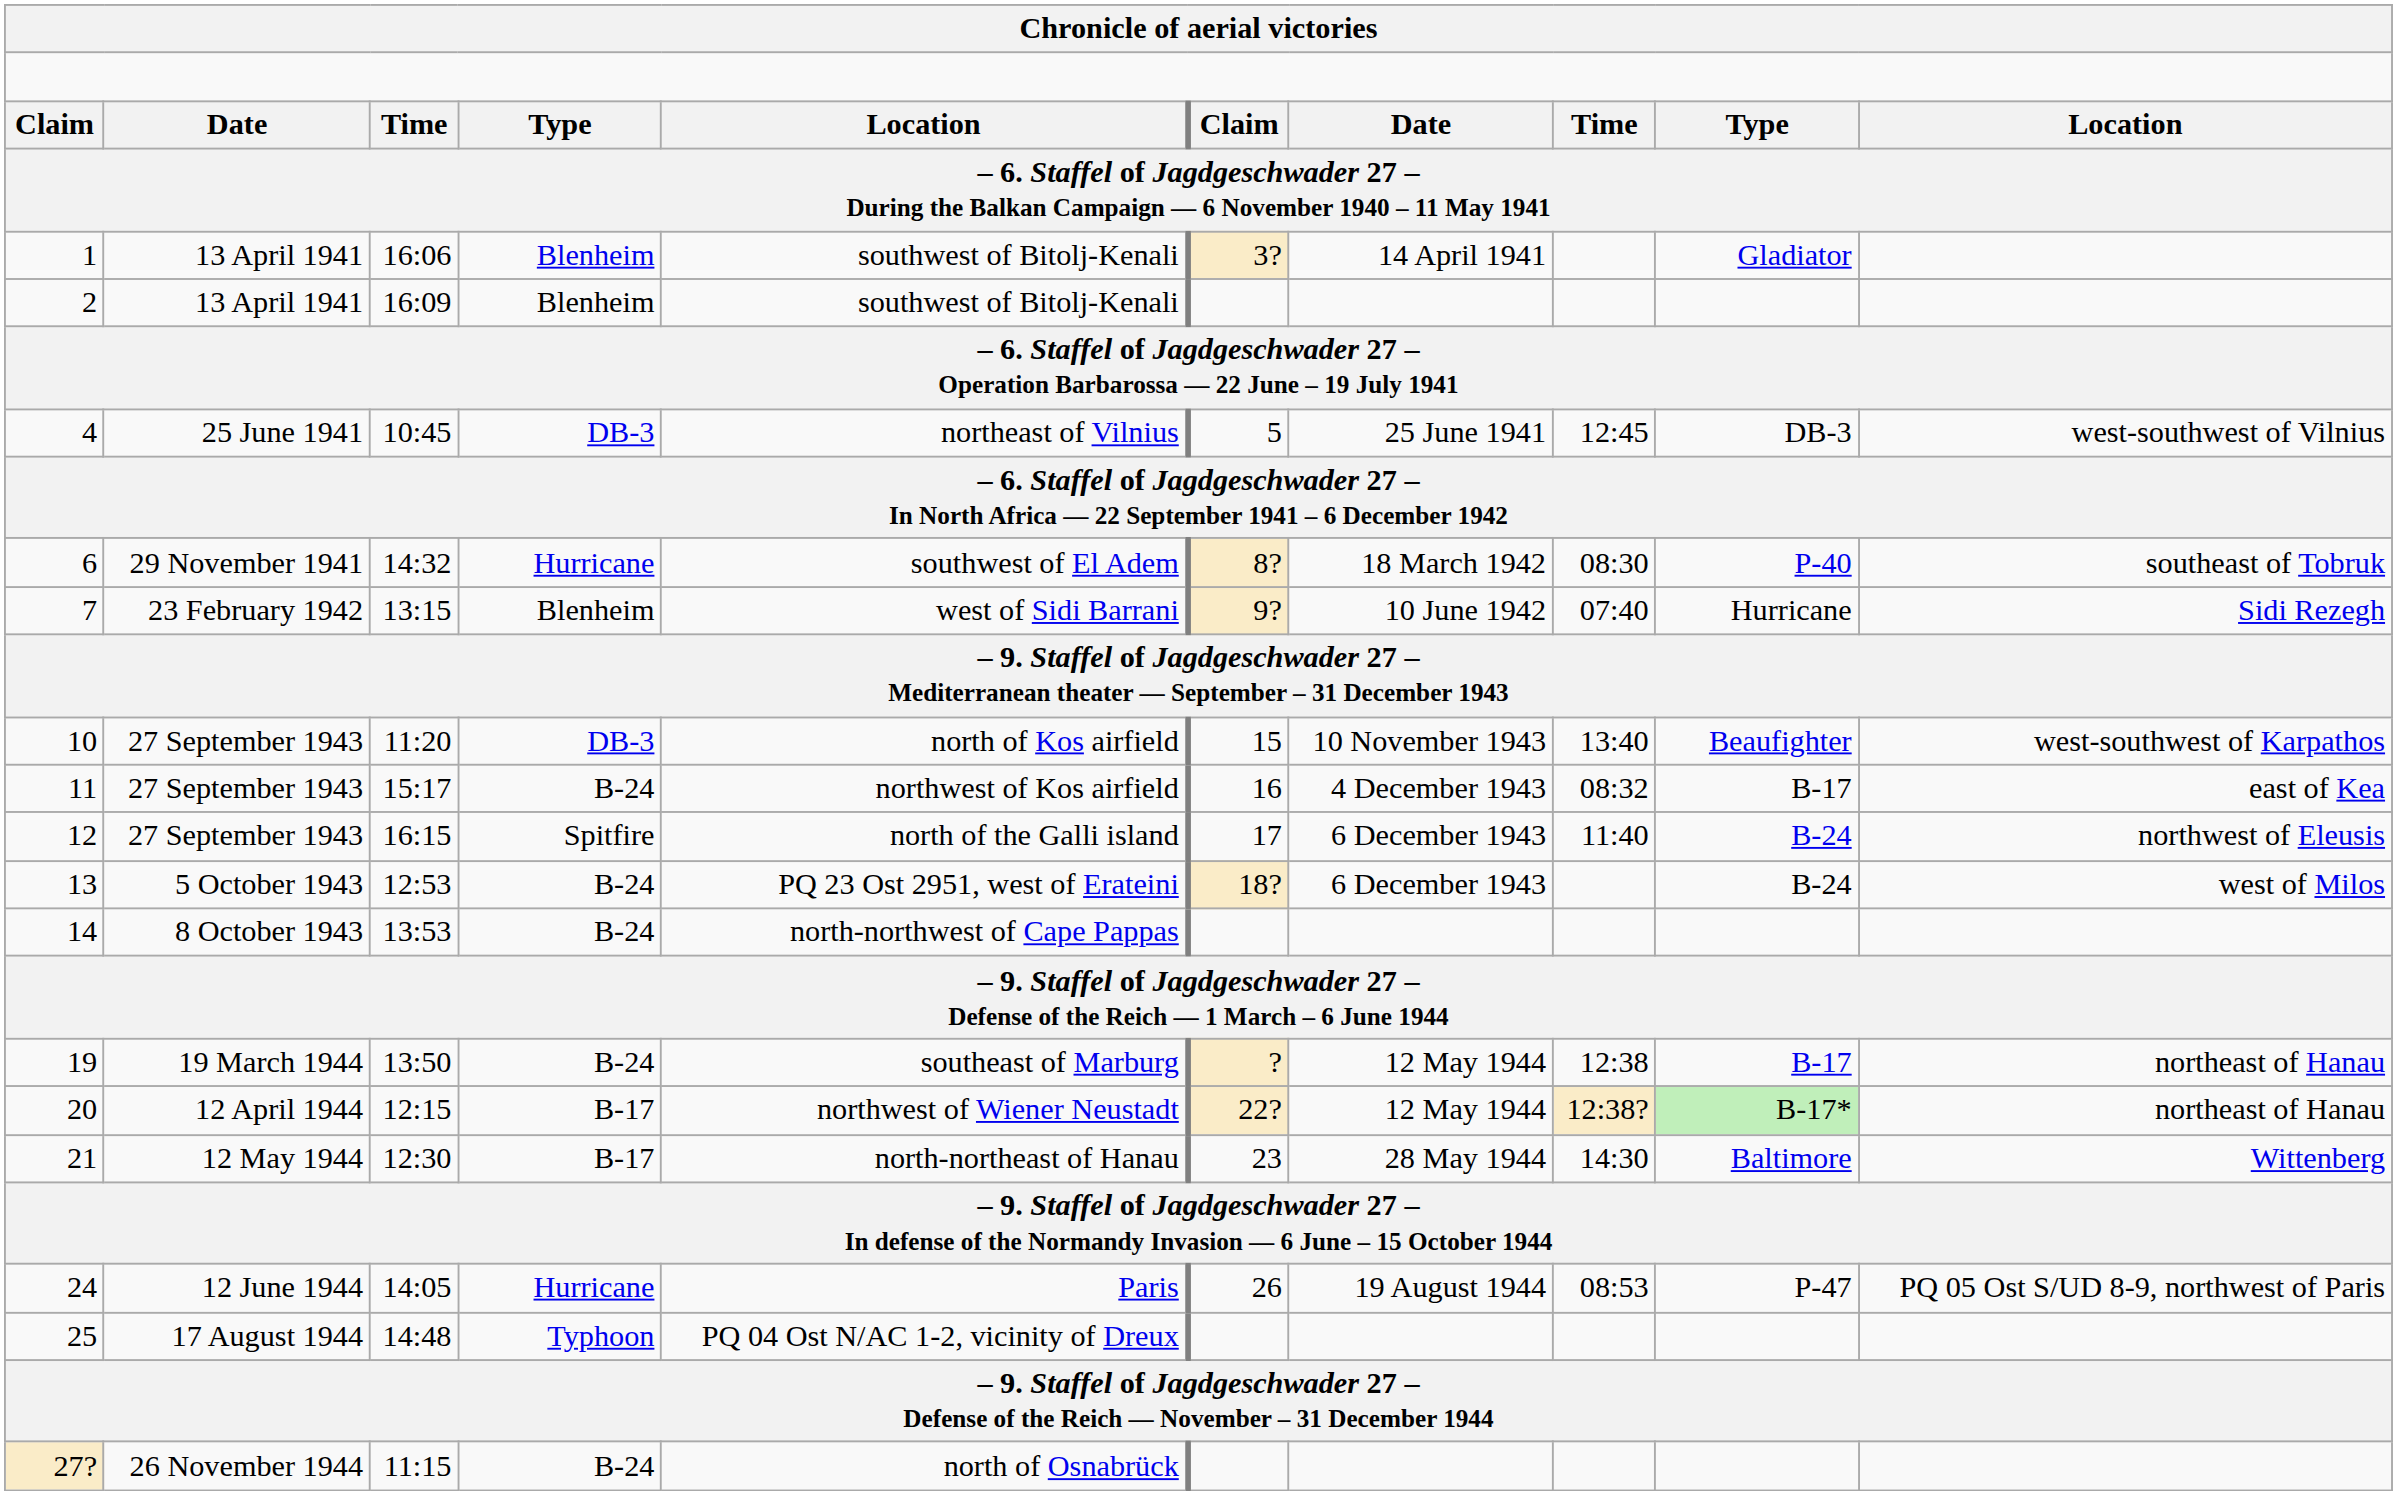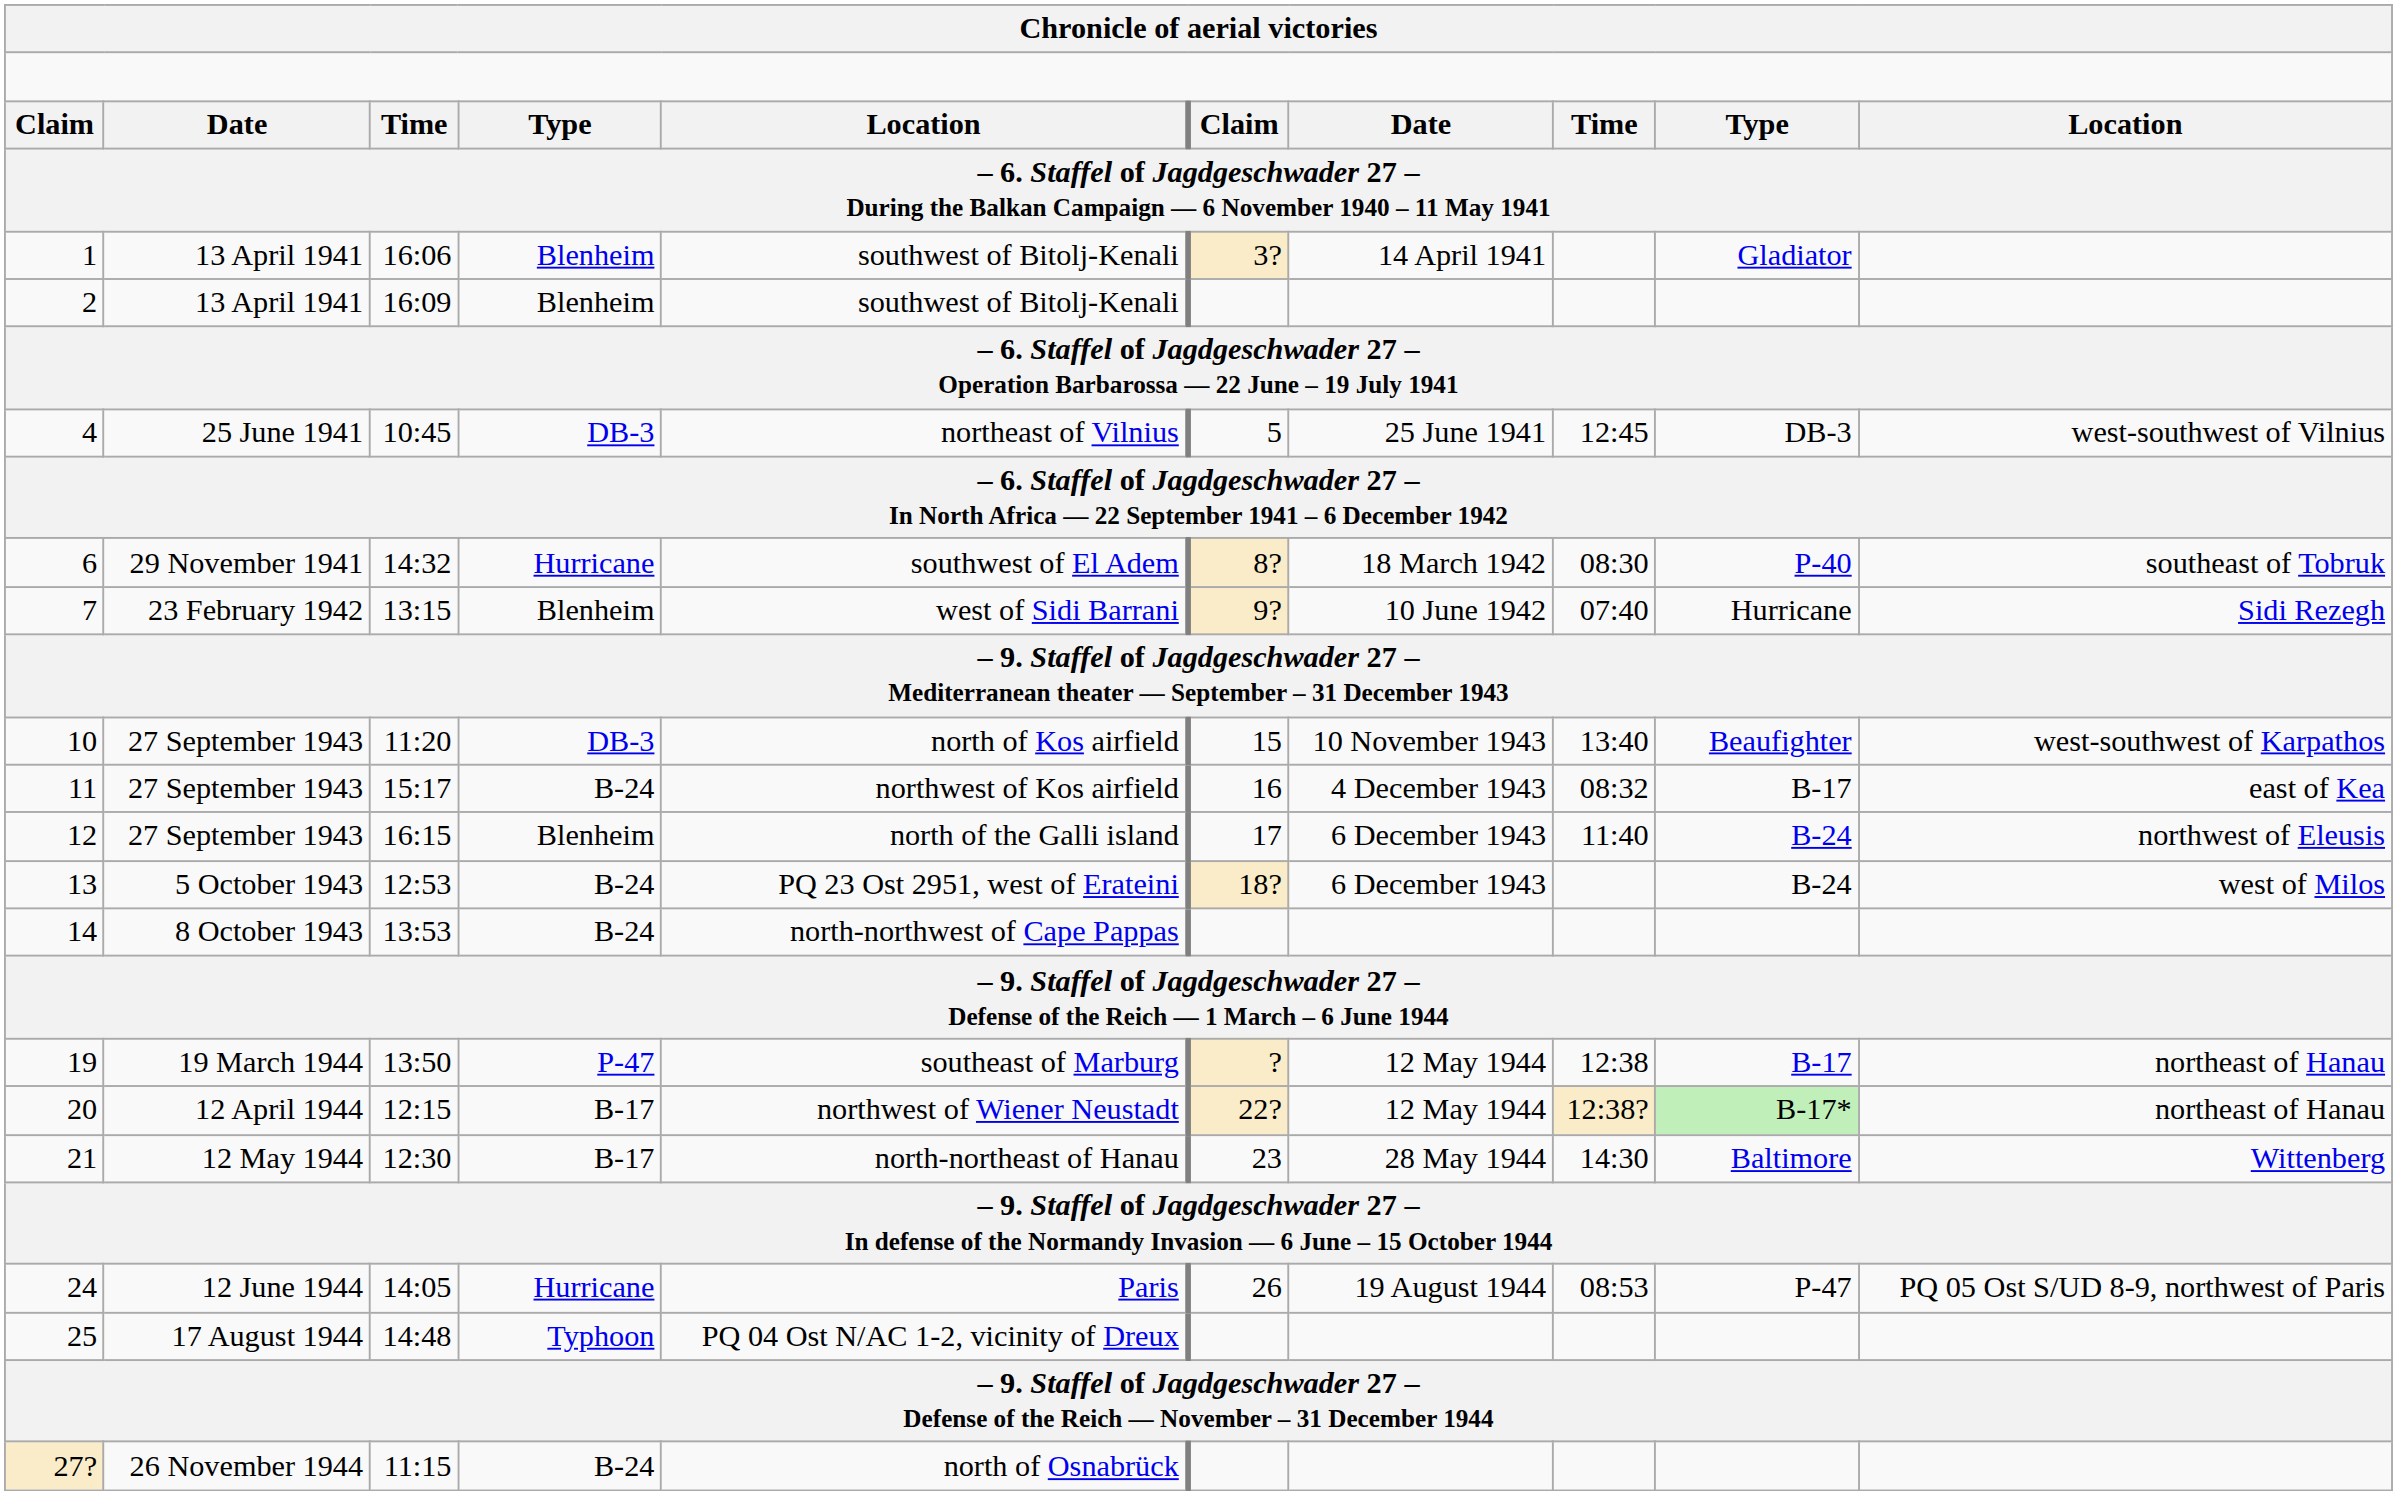 <table class="wikitable plainrowheaders collapsible" style="margin-left: auto; margin-right: auto; border: none; text-align:right; width: 100%;">
 <tr>
 <th colspan="10">Chronicle of aerial victories</th>
 </tr>
 <tr>
 <td colspan="10" style="text-align: left;"><br> </td>
 </tr>
 <tr>
 <th scope="col">Claim</th>
 <th scope="col">Date</th>
 <th scope="col">Time</th>
 <th scope="col" width="100px">Type</th>
 <th scope="col">Location</th>
 <th scope="col" style="border-left: 3px solid grey;">Claim</th>
 <th scope="col">Date</th>
 <th scope="col">Time</th>
 <th scope="col" width="100px">Type</th>
 <th scope="col">Location</th>
 </tr>
 <tr>
 <th colspan="10">– 6. <em>Staffel</em> of <em>Jagdgeschwader</em> 27 –<br><small>During the Balkan Campaign — 6 November 1940 – 11 May 1941</small></th>
 </tr>
 <tr>
 <td>1</td>
 <td>13 April 1941</td>
 <td>16:06</td>
 <td><a href='#'>Blenheim</a></td>
 <td>southwest of Bitolj-Kenali</td>
 <td style="border-left: 3px solid grey; background:#faecc8">3?</td>
 <td>14 April 1941</td>
 <td></td>
 <td><a href='#'>Gladiator</a></td>
 <td></td>
 </tr>
 <tr>
 <td>2</td>
 <td>13 April 1941</td>
 <td>16:09</td>
 <td>Blenheim</td>
 <td>southwest of Bitolj-Kenali</td>
 <td style="border-left: 3px solid grey;"></td>
 <td></td>
 <td></td>
 <td></td>
 <td></td>
 </tr>
 <tr>
 <th colspan="10">– 6. <em>Staffel</em> of <em>Jagdgeschwader</em> 27 –<br><small>Operation Barbarossa — 22 June – 19 July 1941</small></th>
 </tr>
 <tr>
 <td>4</td>
 <td>25 June 1941</td>
 <td>10:45</td>
 <td><a href='#'>DB-3</a></td>
 <td>northeast of <a href='#'>Vilnius</a></td>
 <td style="border-left: 3px solid grey;">5</td>
 <td>25 June 1941</td>
 <td>12:45</td>
 <td>DB-3</td>
 <td>west-southwest of Vilnius</td>
 </tr>
 <tr>
 <th colspan="10">– 6. <em>Staffel</em> of <em>Jagdgeschwader</em> 27 –<br><small>In North Africa — 22 September 1941 – 6 December 1942</small></th>
 </tr>
 <tr>
 <td>6</td>
 <td>29 November 1941</td>
 <td>14:32</td>
 <td><a href='#'>Hurricane</a></td>
 <td>southwest of <a href='#'>El Adem</a></td>
 <td style="border-left: 3px solid grey; background:#faecc8">8?</td>
 <td>18 March 1942</td>
 <td>08:30</td>
 <td><a href='#'>P-40</a></td>
 <td>southeast of <a href='#'>Tobruk</a></td>
 </tr>
 <tr>
 <td>7</td>
 <td>23 February 1942</td>
 <td>13:15</td>
 <td>Blenheim</td>
 <td>west of <a href='#'>Sidi Barrani</a></td>
 <td style="border-left: 3px solid grey; background:#faecc8">9?</td>
 <td>10 June 1942</td>
 <td>07:40</td>
 <td>Hurricane</td>
 <td><a href='#'>Sidi Rezegh</a></td>
 </tr>
 <tr>
 <th colspan="10">– 9. <em>Staffel</em> of <em>Jagdgeschwader</em> 27 –<br><small>Mediterranean theater — September – 31 December 1943</small></th>
 </tr>
 <tr>
 <td>10</td>
 <td>27 September 1943</td>
 <td>11:20</td>
 <td><a href='#'>DB-3</a></td>
 <td> north of <a href='#'>Kos</a> airfield</td>
 <td style="border-left: 3px solid grey;">15</td>
 <td>10 November 1943</td>
 <td>13:40</td>
 <td><a href='#'>Beaufighter</a></td>
 <td>west-southwest of <a href='#'>Karpathos</a></td>
 </tr>
 <tr>
 <td>11</td>
 <td>27 September 1943</td>
 <td>15:17</td>
 <td>B-24</td>
 <td>northwest of Kos airfield</td>
 <td style="border-left: 3px solid grey;">16</td>
 <td>4 December 1943</td>
 <td>08:32</td>
 <td>B-17</td>
 <td>east of <a href='#'>Kea</a></td>
 </tr>
 <tr>
 <td>12</td>
 <td>27 September 1943</td>
 <td>16:15</td>
-<td>Spitfire</td>
+<td>Blenheim</td>
 <td>north of the Galli island</td>
 <td style="border-left: 3px solid grey;">17</td>
 <td>6 December 1943</td>
 <td>11:40</td>
 <td><a href='#'>B-24</a></td>
 <td>northwest of <a href='#'>Eleusis</a></td>
 </tr>
 <tr>
 <td>13</td>
 <td>5 October 1943</td>
 <td>12:53</td>
 <td>B-24</td>
 <td>PQ 23 Ost 2951, west of <a href='#'>Erateini</a></td>
 <td style="border-left: 3px solid grey; background:#faecc8">18?</td>
 <td>6 December 1943</td>
 <td></td>
 <td>B-24</td>
 <td>west of <a href='#'>Milos</a></td>
 </tr>
 <tr>
 <td>14</td>
 <td>8 October 1943</td>
 <td>13:53</td>
 <td>B-24</td>
 <td> north-northwest of <a href='#'>Cape Pappas</a></td>
 <td style="border-left: 3px solid grey;"></td>
 <td></td>
 <td></td>
 <td></td>
 <td></td>
 </tr>
 <tr>
 <th colspan="10">– 9. <em>Staffel</em> of <em>Jagdgeschwader</em> 27 –<br><small>Defense of the Reich — 1 March – 6 June 1944</small></th>
 </tr>
 <tr>
 <td>19</td>
 <td>19 March 1944</td>
 <td>13:50</td>
-<td>B-24</td>
+<td><a href='#'>P-47</a></td>
 <td> southeast of <a href='#'>Marburg</a></td>
 <td style="border-left: 3px solid grey; background:#faecc8">?</td>
 <td>12 May 1944</td>
 <td>12:38</td>
 <td><a href='#'>B-17</a></td>
 <td> northeast of <a href='#'>Hanau</a></td>
 </tr>
 <tr>
 <td>20</td>
 <td>12 April 1944</td>
 <td>12:15</td>
 <td>B-17</td>
 <td>northwest of <a href='#'>Wiener Neustadt</a></td>
 <td style="border-left: 3px solid grey; background:#faecc8">22?</td>
 <td>12 May 1944</td>
 <td style="background:#faecc8">12:38?</td>
 <td style="background:#C0EFBA">B-17*</td>
 <td> northeast of Hanau</td>
 </tr>
 <tr>
 <td>21</td>
 <td>12 May 1944</td>
 <td>12:30</td>
 <td>B-17</td>
 <td> north-northeast of Hanau</td>
 <td style="border-left: 3px solid grey;">23</td>
 <td>28 May 1944</td>
 <td>14:30</td>
 <td><a href='#'>Baltimore</a></td>
 <td><a href='#'>Wittenberg</a></td>
 </tr>
 <tr>
 <th colspan="10">– 9. <em>Staffel</em> of <em>Jagdgeschwader</em> 27 –<br><small>In defense of the Normandy Invasion — 6 June – 15 October 1944</small></th>
 </tr>
 <tr>
 <td>24</td>
 <td>12 June 1944</td>
 <td>14:05</td>
 <td><a href='#'>Hurricane</a></td>
 <td><a href='#'>Paris</a></td>
 <td style="border-left: 3px solid grey;">26</td>
 <td>19 August 1944</td>
 <td>08:53</td>
 <td>P-47</td>
 <td>PQ 05 Ost S/UD 8-9, northwest of Paris</td>
 </tr>
 <tr>
 <td>25</td>
 <td>17 August 1944</td>
 <td>14:48</td>
 <td><a href='#'>Typhoon</a></td>
 <td>PQ 04 Ost N/AC 1-2, vicinity of <a href='#'>Dreux</a></td>
 <td style="border-left: 3px solid grey;"></td>
 <td></td>
 <td></td>
 <td></td>
 <td></td>
 </tr>
 <tr>
 <th colspan="10">– 9. <em>Staffel</em> of <em>Jagdgeschwader</em> 27 –<br><small>Defense of the Reich — November – 31 December 1944</small></th>
 </tr>
 <tr>
 <td style="background:#faecc8">27?</td>
 <td>26 November 1944</td>
 <td>11:15</td>
 <td>B-24</td>
 <td>north of <a href='#'>Osnabrück</a></td>
 <td style="border-left: 3px solid grey;"></td>
 <td></td>
 <td></td>
 <td></td>
 <td></td>
 </tr>
 </table>
